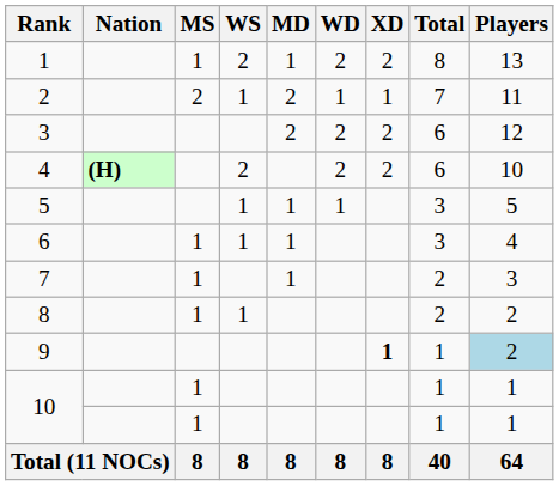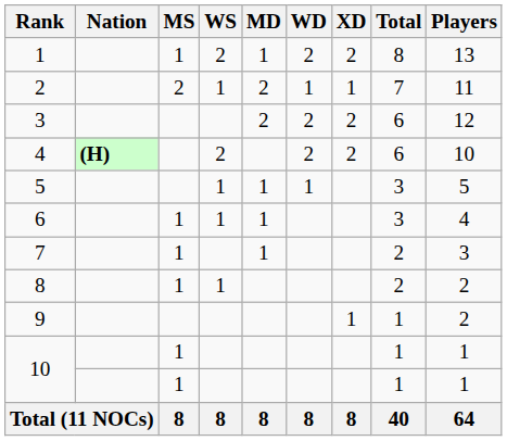 <table class="wikitable" style="text-align:center">
 <tr>
 <th>Rank</th>
 <th>Nation</th>
 <th>MS</th>
 <th>WS</th>
 <th>MD</th>
 <th>WD</th>
 <th>XD</th>
 <th>Total</th>
 <th>Players</th>
 </tr>
 <tr>
 <td>1</td>
 <td align="left"></td>
 <td>1</td>
 <td>2</td>
 <td>1</td>
 <td>2</td>
 <td>2</td>
 <td>8</td>
 <td>13</td>
 </tr>
 <tr>
 <td>2</td>
 <td align="left"></td>
 <td>2</td>
 <td>1</td>
 <td>2</td>
 <td>1</td>
 <td>1</td>
 <td>7</td>
 <td>11</td>
 </tr>
 <tr>
 <td>3</td>
 <td align="left"></td>
 <td></td>
 <td></td>
 <td>2</td>
 <td>2</td>
 <td>2</td>
 <td>6</td>
 <td>12</td>
 </tr>
 <tr>
 <td>4</td>
 <td align="left"bgcolor="#ccffcc"> <strong>(H)</strong></td>
 <td></td>
 <td>2</td>
 <td></td>
 <td>2</td>
 <td>2</td>
 <td>6</td>
 <td>10</td>
 </tr>
 <tr>
 <td>5</td>
 <td align="left"></td>
 <td></td>
 <td>1</td>
 <td>1</td>
 <td>1</td>
 <td></td>
 <td>3</td>
 <td>5</td>
 </tr>
 <tr>
 <td>6</td>
 <td align="left"></td>
 <td>1</td>
 <td>1</td>
 <td>1</td>
 <td></td>
 <td></td>
 <td>3</td>
 <td>4</td>
 </tr>
 <tr>
 <td>7</td>
 <td align="left"></td>
 <td>1</td>
 <td></td>
 <td>1</td>
 <td></td>
 <td></td>
 <td>2</td>
 <td>3</td>
 </tr>
 <tr>
 <td>8</td>
 <td align="left"></td>
 <td>1</td>
 <td>1</td>
 <td></td>
 <td></td>
 <td></td>
 <td>2</td>
 <td>2</td>
 </tr>
 <tr>
 <td>9</td>
 <td align="left"></td>
 <td></td>
 <td></td>
 <td></td>
 <td></td>
-<td><strong>1</strong></td>
 <td>1</td>
-<td style="background: lightblue;">2</td>
+<td>1</td>
+<td>2</td>
 </tr>
 <tr>
 <td rowspan="2">10</td>
 <td align="left"></td>
 <td>1</td>
 <td></td>
 <td></td>
 <td></td>
 <td></td>
 <td>1</td>
 <td>1</td>
 </tr>
 <tr>
 <td align="left"></td>
 <td>1</td>
 <td></td>
 <td></td>
 <td></td>
 <td></td>
 <td>1</td>
 <td>1</td>
 </tr>
 <tr>
 <th colspan="2">Total (11 NOCs)</th>
 <th>8</th>
 <th>8</th>
 <th>8</th>
 <th>8</th>
 <th>8</th>
 <th>40</th>
 <th>64</th>
 </tr>
 </table>
